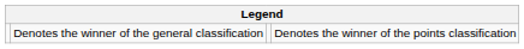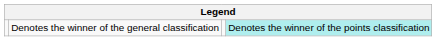 <table class="wikitable">
 <tr>
 <th colspan="4">Legend</th>
 </tr>
 <tr>
 <td></td>
 <td>Denotes the winner of the general classification</td>
 <td></td>
-<td>Denotes the winner of the points classification</td>
+<td style="background: paleturquoise;">Denotes the winner of the points classification</td>
 </tr>
 </table>
